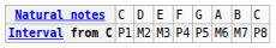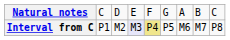 <table class="wikitable">
 <tr>
 <th><a href='#'>Natural notes</a></th>
 <td>C</td>
 <td>D</td>
 <td>E</td>
 <td>F</td>
 <td>G</td>
 <td>A</td>
 <td>B</td>
 <td>C</td>
 </tr>
 <tr>
 <th><a href='#'>Interval</a> from C</th>
 <td>P1</td>
 <td>M2</td>
-<td>M3</td>
-<td>P4</td>
+<td style="background: lavender;">M3</td>
+<td style="background: khaki;">P4</td>
 <td>P5</td>
 <td>M6</td>
 <td>M7</td>
 <td>P8</td>
 </tr>
 </table>
